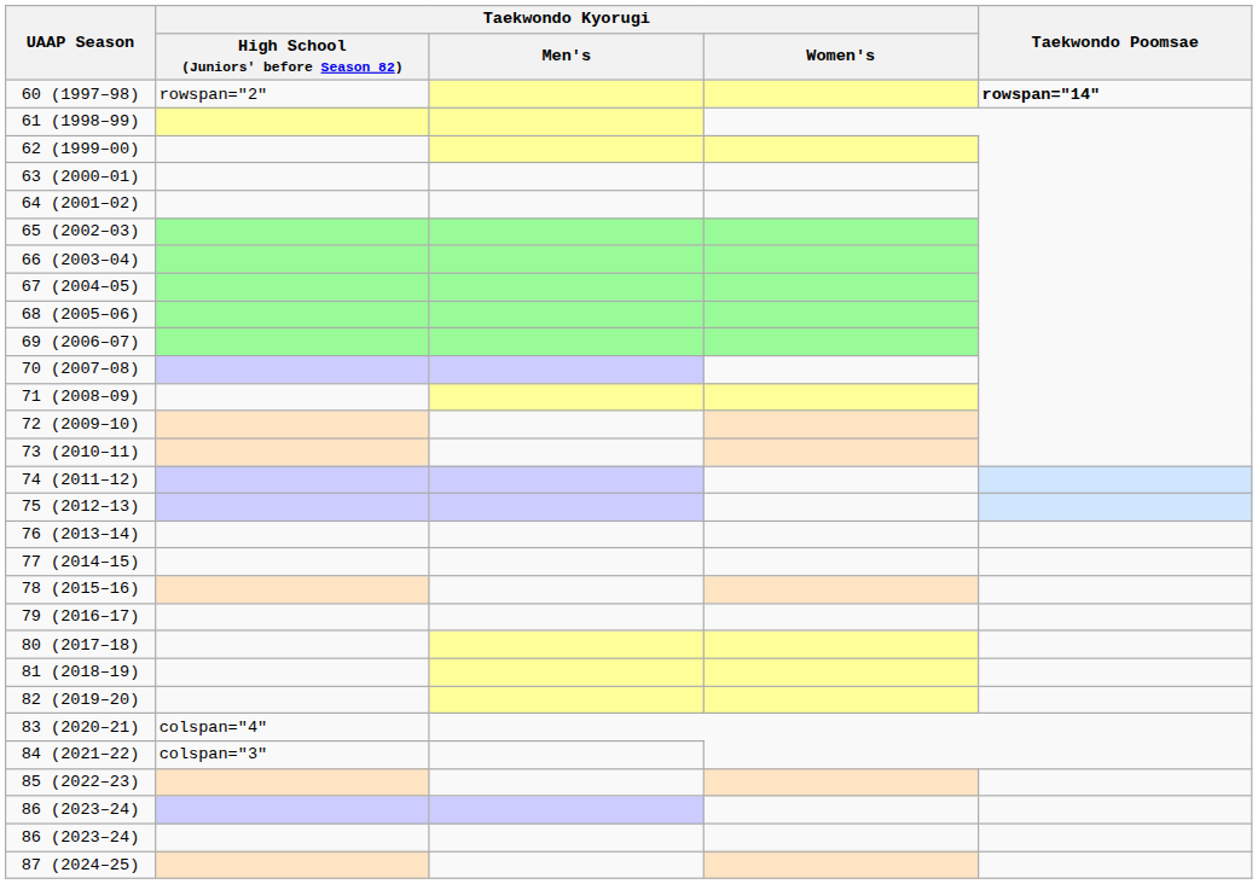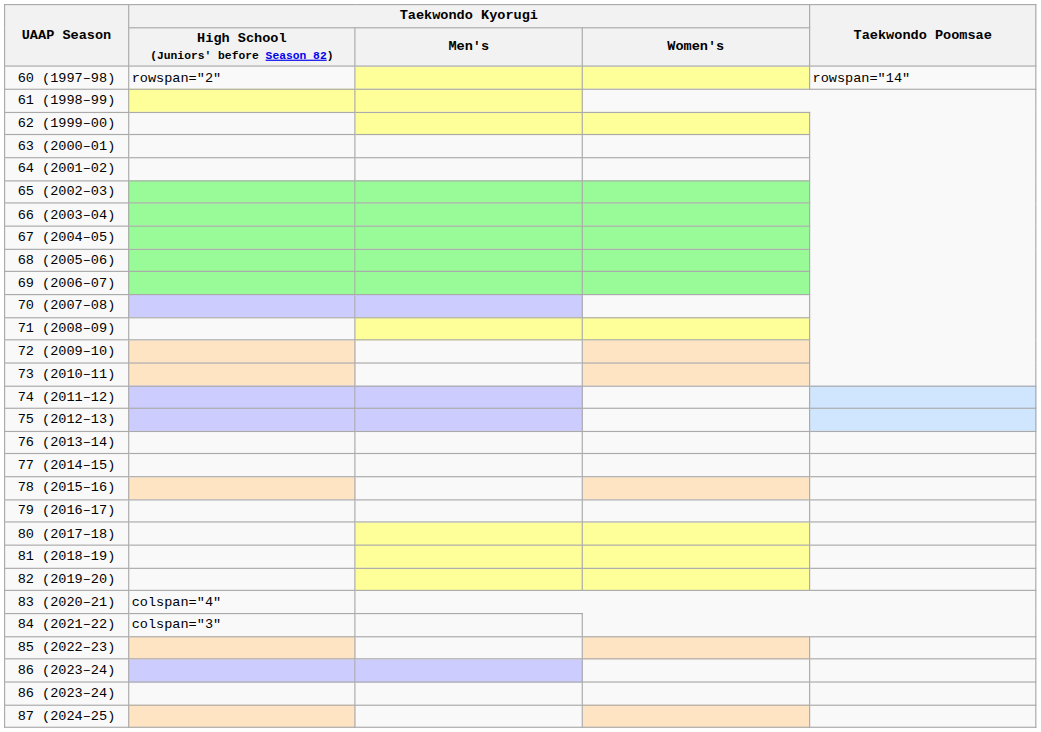 <table class="wikitable" style="font-size:90%;">
 <tr>
 <th rowspan="2" width="12%"><strong>UAAP Season</strong></th>
 <th colspan="3">Taekwondo Kyorugi</th>
 <th rowspan="2" width="190px"><strong>Taekwondo Poomsae</strong></th>
 </tr>
 <tr>
 <th width="190px"><strong>High School</strong><br><small>(Juniors' before <a href='#'>Season 82</a>)</small></th>
 <th width="190px"><strong>Men's</strong></th>
 <th width="190px"><strong>Women's</strong></th>
 </tr>
 <tr>
 <td align=center>60 (1997–98)</td>
 <td>rowspan="2" </td>
 <td bgcolor="#FFFF99"></td>
 <td bgcolor="#FFFF99"></td>
-<td><strong>rowspan="14" </strong></td>
+<td>rowspan="14" </td>
 </tr>
 <tr>
 <td align=center>61 (1998–99)</td>
 <td bgcolor="#FFFF99"></td>
 <td bgcolor="#FFFF99"></td>
 </tr>
 <tr>
 <td align=center>62 (1999–00)</td>
 <td></td>
 <td bgcolor="#FFFF99"></td>
 <td bgcolor="#FFFF99"></td>
 </tr>
 <tr>
 <td align=center>63 (2000–01)</td>
 <td></td>
 <td></td>
 <td></td>
 </tr>
 <tr>
 <td align=center>64 (2001–02)</td>
 <td></td>
 <td></td>
 <td></td>
 </tr>
 <tr>
 <td align=center>65 (2002–03)</td>
 <td bgcolor="#98FB98"></td>
 <td bgcolor="#98FB98"></td>
 <td bgcolor="#98FB98"></td>
 </tr>
 <tr>
 <td align=center>66 (2003–04)</td>
 <td bgcolor="#98FB98"></td>
 <td bgcolor="#98FB98"></td>
 <td bgcolor="#98FB98"></td>
 </tr>
 <tr>
 <td align=center>67 (2004–05)</td>
 <td bgcolor="#98FB98"></td>
 <td bgcolor="#98FB98"></td>
 <td bgcolor="#98FB98"></td>
 </tr>
 <tr>
 <td align=center>68 (2005–06)</td>
 <td bgcolor="#98FB98"></td>
 <td bgcolor="#98FB98"></td>
 <td bgcolor="#98FB98"></td>
 </tr>
 <tr>
 <td align=center>69 (2006–07)</td>
 <td bgcolor="#98FB98"></td>
 <td bgcolor="#98FB98"></td>
 <td bgcolor="#98FB98"></td>
 </tr>
 <tr>
 <td align=center>70 (2007–08)</td>
 <td bgcolor="#CCCCFF"></td>
 <td bgcolor="#CCCCFF"></td>
 <td></td>
 </tr>
 <tr>
 <td align=center>71 (2008–09)</td>
 <td></td>
 <td bgcolor="#FFFF99"></td>
 <td bgcolor="#FFFF99"></td>
 </tr>
 <tr>
 <td align=center>72 (2009–10)</td>
 <td bgcolor="#FFE4C4"></td>
 <td></td>
 <td bgcolor="#FFE4C4"></td>
 </tr>
 <tr>
 <td align=center>73 (2010–11)</td>
 <td bgcolor="#FFE4C4"></td>
 <td></td>
 <td bgcolor="#FFE4C4"></td>
 </tr>
 <tr>
 <td align=center>74 (2011–12)</td>
 <td bgcolor="#CCCCFF"></td>
 <td bgcolor="#CCCCFF"></td>
 <td></td>
 <td bgcolor="#D0E6FF"></td>
 </tr>
 <tr>
 <td align=center>75 (2012–13)</td>
 <td bgcolor="#CCCCFF"></td>
 <td bgcolor="#CCCCFF"></td>
 <td></td>
 <td bgcolor="#D0E6FF"></td>
 </tr>
 <tr>
 <td align=center>76 (2013–14)</td>
 <td></td>
 <td></td>
 <td></td>
 <td></td>
 </tr>
 <tr>
 <td align=center>77 (2014–15)</td>
 <td></td>
 <td></td>
 <td></td>
 <td></td>
 </tr>
 <tr>
 <td align=center>78 (2015–16)</td>
 <td bgcolor="#FFE4C4"></td>
 <td></td>
 <td bgcolor="#FFE4C4"></td>
 <td></td>
 </tr>
 <tr>
 <td align=center>79 (2016–17)</td>
 <td></td>
 <td></td>
 <td></td>
 <td></td>
 </tr>
 <tr>
 <td align=center>80 (2017–18)</td>
 <td></td>
 <td bgcolor="#FFFF99"></td>
 <td bgcolor="#FFFF99"></td>
 <td></td>
 </tr>
 <tr>
 <td align=center>81 (2018–19)</td>
 <td></td>
 <td bgcolor="#FFFF99"></td>
 <td bgcolor="#FFFF99"></td>
 <td></td>
 </tr>
 <tr>
 <td align=center>82 (2019–20)</td>
 <td></td>
 <td bgcolor="#FFFF99"></td>
 <td bgcolor="#FFFF99"></td>
 <td></td>
 </tr>
 <tr>
 <td align=center>83 (2020–21)</td>
 <td>colspan="4" </td>
 </tr>
 <tr>
 <td align=center>84 (2021–22)</td>
 <td>colspan="3" </td>
 <td></td>
 </tr>
 <tr>
 <td align=center>85 (2022–23)</td>
 <td bgcolor="#FFE4C4"></td>
 <td></td>
 <td bgcolor=#FFE4C4></td>
 <td></td>
 </tr>
 <tr>
 <td align=center>86 (2023–24)</td>
 <td bgcolor="#CCCCFF"></td>
 <td bgcolor="#CCCCFF"></td>
 <td></td>
 <td></td>
 </tr>
 <tr>
 <td align=center>86 (2023–24)</td>
 <td></td>
 <td></td>
 <td></td>
 <td></td>
 </tr>
 <tr>
 <td align=center>87 (2024–25)</td>
 <td bgcolor="#FFE4C4"></td>
 <td></td>
 <td bgcolor="#FFE4C4"></td>
 <td></td>
 </tr>
 </table>
